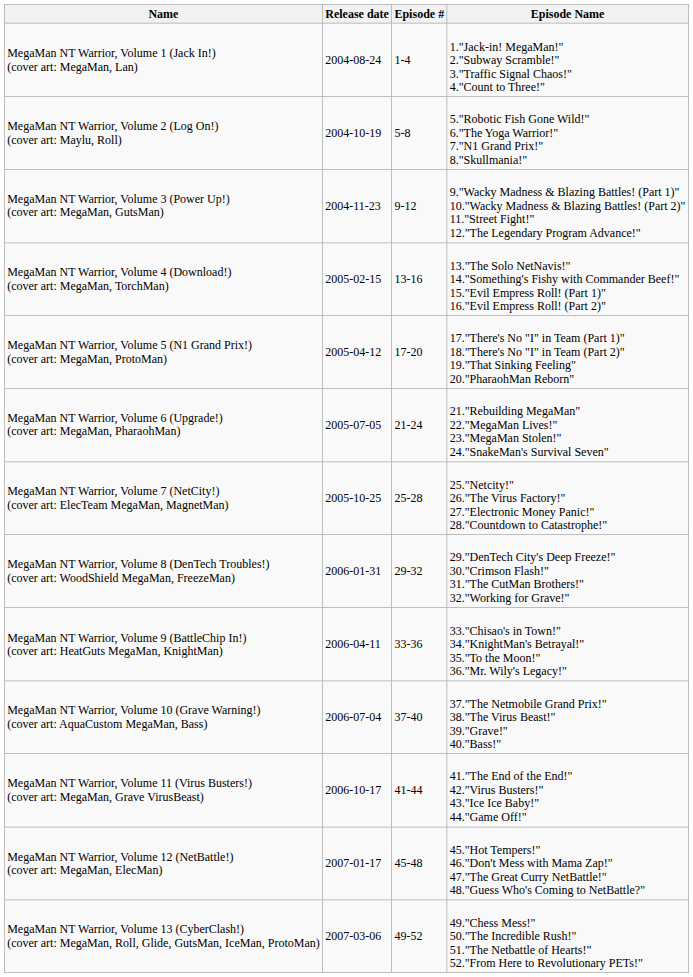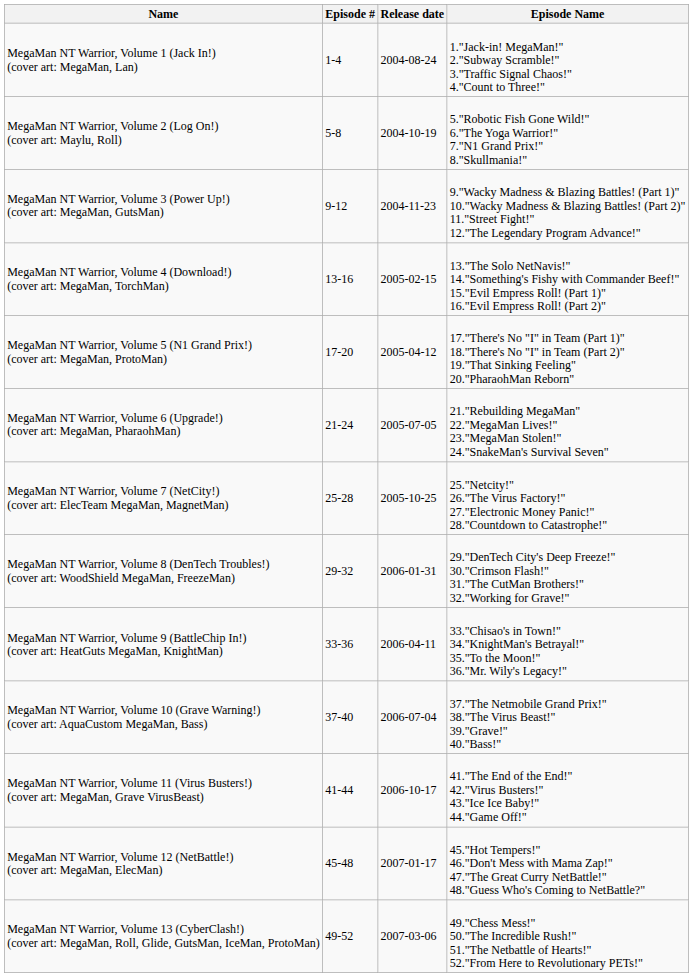 <table class="wikitable">
 <tr>
 <th>Name</th>
+<th>Episode #</th>
 <th>Release date</th>
-<th>Episode #</th>
 <th>Episode Name</th>
 </tr>
 <tr>
 <td>MegaMan NT Warrior, Volume 1 (Jack In!)<br>(cover art: MegaMan, Lan)</td>
+<td>1-4</td>
 <td>2004-08-24</td>
-<td>1-4</td>
 <td><br>1."Jack-in! MegaMan!"<br> 2."Subway Scramble!"<br> 3."Traffic Signal Chaos!"<br> 4."Count to Three!"<br></td>
 </tr>
 <tr>
 <td>MegaMan NT Warrior, Volume 2 (Log On!)<br>(cover art: Maylu, Roll)</td>
+<td>5-8</td>
 <td>2004-10-19</td>
-<td>5-8</td>
 <td><br>5."Robotic Fish Gone Wild!"<br> 6."The Yoga Warrior!"<br> 7."N1 Grand Prix!"<br> 8."Skullmania!"<br></td>
 </tr>
 <tr>
 <td>MegaMan NT Warrior, Volume 3 (Power Up!)<br>(cover art: MegaMan, GutsMan)</td>
+<td>9-12</td>
 <td>2004-11-23</td>
-<td>9-12</td>
 <td><br>9."Wacky Madness & Blazing Battles! (Part 1)"<br> 10."Wacky Madness & Blazing Battles! (Part 2)"<br> 11."Street Fight!"<br> 12."The Legendary Program Advance!"<br></td>
 </tr>
 <tr>
 <td>MegaMan NT Warrior, Volume 4 (Download!)<br>(cover art: MegaMan, TorchMan)</td>
+<td>13-16</td>
 <td>2005-02-15</td>
-<td>13-16</td>
 <td><br>13."The Solo NetNavis!"<br> 14."Something's Fishy with Commander Beef!"<br> 15."Evil Empress Roll! (Part 1)"<br> 16."Evil Empress Roll! (Part 2)"<br></td>
 </tr>
 <tr>
 <td>MegaMan NT Warrior, Volume 5 (N1 Grand Prix!)<br>(cover art: MegaMan, ProtoMan)</td>
+<td>17-20</td>
 <td>2005-04-12</td>
-<td>17-20</td>
 <td><br>17."There's No "I" in Team (Part 1)"<br> 18."There's No "I" in Team (Part 2)"<br> 19."That Sinking Feeling"<br> 20."PharaohMan Reborn"<br></td>
 </tr>
 <tr>
 <td>MegaMan NT Warrior, Volume 6 (Upgrade!)<br>(cover art: MegaMan, PharaohMan)</td>
+<td>21-24</td>
 <td>2005-07-05</td>
-<td>21-24</td>
 <td><br>21."Rebuilding MegaMan"<br> 22."MegaMan Lives!"<br> 23."MegaMan Stolen!"<br> 24."SnakeMan's Survival Seven"<br></td>
 </tr>
 <tr>
 <td>MegaMan NT Warrior, Volume 7 (NetCity!)<br>(cover art: ElecTeam MegaMan, MagnetMan)</td>
+<td>25-28</td>
 <td>2005-10-25</td>
-<td>25-28</td>
 <td><br>25."Netcity!"<br> 26."The Virus Factory!"<br> 27."Electronic Money Panic!"<br> 28."Countdown to Catastrophe!"<br></td>
 </tr>
 <tr>
 <td>MegaMan NT Warrior, Volume 8 (DenTech Troubles!)<br>(cover art: WoodShield MegaMan, FreezeMan)</td>
+<td>29-32</td>
 <td>2006-01-31</td>
-<td>29-32</td>
 <td><br>29."DenTech City's Deep Freeze!"<br> 30."Crimson Flash!"<br> 31."The CutMan Brothers!"<br> 32."Working for Grave!"<br></td>
 </tr>
 <tr>
 <td>MegaMan NT Warrior, Volume 9 (BattleChip In!)<br>(cover art: HeatGuts MegaMan, KnightMan)</td>
+<td>33-36</td>
 <td>2006-04-11</td>
-<td>33-36</td>
 <td><br>33."Chisao's in Town!"<br> 34."KnightMan's Betrayal!"<br> 35."To the Moon!"<br> 36."Mr. Wily's Legacy!"<br></td>
 </tr>
 <tr>
 <td>MegaMan NT Warrior, Volume 10 (Grave Warning!)<br>(cover art: AquaCustom MegaMan, Bass)</td>
+<td>37-40</td>
 <td>2006-07-04</td>
-<td>37-40</td>
 <td><br>37."The Netmobile Grand Prix!"<br> 38."The Virus Beast!"<br> 39."Grave!"<br> 40."Bass!"<br></td>
 </tr>
 <tr>
 <td>MegaMan NT Warrior, Volume 11 (Virus Busters!)<br>(cover art: MegaMan, Grave VirusBeast)</td>
+<td>41-44</td>
 <td>2006-10-17</td>
-<td>41-44</td>
 <td><br>41."The End of the End!"<br> 42."Virus Busters!"<br> 43."Ice Ice Baby!"<br> 44."Game Off!"<br></td>
 </tr>
 <tr>
 <td>MegaMan NT Warrior, Volume 12 (NetBattle!)<br>(cover art: MegaMan, ElecMan)</td>
+<td>45-48</td>
 <td>2007-01-17</td>
-<td>45-48</td>
 <td><br>45."Hot Tempers!"<br> 46."Don't Mess with Mama Zap!"<br> 47."The Great Curry NetBattle!"<br> 48."Guess Who's Coming to NetBattle?"<br></td>
 </tr>
 <tr>
 <td>MegaMan NT Warrior, Volume 13 (CyberClash!)<br>(cover art: MegaMan, Roll, Glide, GutsMan, IceMan, ProtoMan)</td>
+<td>49-52</td>
 <td>2007-03-06</td>
-<td>49-52</td>
 <td><br>49."Chess Mess!"<br> 50."The Incredible Rush!"<br> 51."The Netbattle of Hearts!"<br> 52."From Here to Revolutionary PETs!"</td>
 </tr>
 </table>
